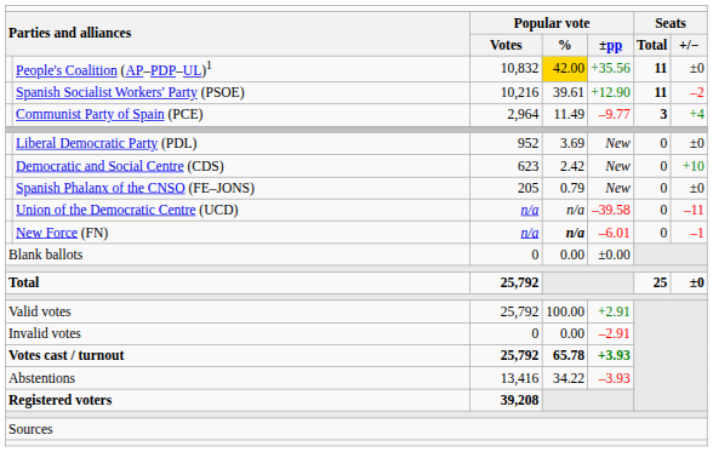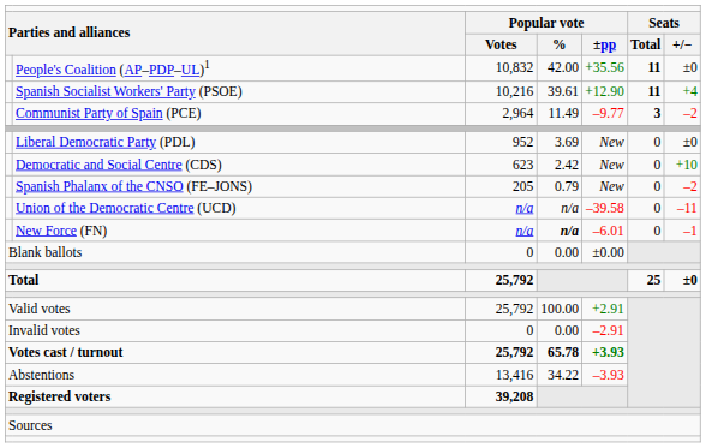 <table class="wikitable" style="text-align:right;">
 <tr>
 <td colspan="7"></td>
 </tr>
 <tr>
 <th style="text-align:left;" rowspan="2" colspan="2" width="525">Parties and alliances</th>
 <th colspan="3">Popular vote</th>
 <th colspan="2">Seats</th>
 </tr>
 <tr>
 <th width="75">Votes</th>
 <th width="45">%</th>
 <th width="45">±<a href='#'>pp</a></th>
 <th width="35">Total</th>
 <th width="35">+/−</th>
 </tr>
 <tr>
 <td width="1" style="color:inherit;background:"></td>
 <td align="left"><a href='#'>People's Coalition</a> (<a href='#'>AP</a>–<a href='#'>PDP</a>–<a href='#'>UL</a>)<sup>1</sup></td>
 <td>10,832</td>
-<td style="background: gold;">42.00</td>
+<td>42.00</td>
 <td style="color:green;">+35.56</td>
 <td><strong>11</strong></td>
 <td>±0</td>
 </tr>
 <tr>
 <td style="color:inherit;background:"></td>
 <td align="left"><a href='#'>Spanish Socialist Workers' Party</a> (PSOE)</td>
 <td>10,216</td>
 <td>39.61</td>
 <td style="color:green;">+12.90</td>
 <td><strong>11</strong></td>
-<td style="color:red;">–2</td>
+<td style="color:green;">+4</td>
 </tr>
 <tr>
 <td style="color:inherit;background:"></td>
 <td align="left"><a href='#'>Communist Party of Spain</a> (PCE)</td>
 <td>2,964</td>
 <td>11.49</td>
 <td style="color:red;">–9.77</td>
 <td><strong>3</strong></td>
-<td style="color:green;">+4</td>
+<td style="color:red;">–2</td>
 </tr>
 <tr>
 <td colspan="7" bgcolor="#C0C0C0"></td>
 </tr>
 <tr>
 <td style="color:inherit;background:"></td>
 <td align="left"><a href='#'>Liberal Democratic Party</a> (PDL)</td>
 <td>952</td>
 <td>3.69</td>
 <td><em>New</em></td>
 <td>0</td>
 <td>±0</td>
 </tr>
 <tr>
 <td style="color:inherit;background:"></td>
 <td align="left"><a href='#'>Democratic and Social Centre</a> (CDS)</td>
 <td>623</td>
 <td>2.42</td>
 <td><em>New</em></td>
 <td>0</td>
 <td style="color:green;">+10</td>
 </tr>
 <tr>
 <td style="color:inherit;background:"></td>
 <td align="left"><a href='#'>Spanish Phalanx of the CNSO</a> (FE–JONS)</td>
 <td>205</td>
 <td>0.79</td>
 <td><em>New</em></td>
 <td>0</td>
-<td>±0</td>
+<td style="color:red;">–2</td>
 </tr>
 <tr>
 <td style="color:inherit;background:"></td>
 <td align="left"><a href='#'>Union of the Democratic Centre</a> (UCD)</td>
 <td><em><a href='#'>n/a</a></em></td>
 <td><em>n/a</em></td>
 <td style="color:red;">–39.58</td>
 <td>0</td>
 <td style="color:red;">–11</td>
 </tr>
 <tr>
 <td style="color:inherit;background:"></td>
 <td align="left"><a href='#'>New Force</a> (FN)</td>
 <td><em><a href='#'>n/a</a></em></td>
 <td><strong><em>n/a</em></strong></td>
 <td style="color:red;">–6.01</td>
 <td>0</td>
 <td style="color:red;">–1</td>
 </tr>
 <tr>
 <td align="left" colspan="2">Blank ballots</td>
 <td>0</td>
 <td>0.00</td>
 <td>±0.00</td>
 <td bgcolor="#E9E9E9" colspan="2"></td>
 </tr>
 <tr>
 <td colspan="7" bgcolor="#E9E9E9"></td>
 </tr>
 <tr style="font-weight:bold;">
 <td align="left" colspan="2">Total</td>
 <td>25,792</td>
 <td bgcolor="#E9E9E9" colspan="2"></td>
 <td>25</td>
 <td>±0</td>
 </tr>
 <tr>
 <td colspan="7" bgcolor="#E9E9E9"></td>
 </tr>
 <tr>
 <td align="left" colspan="2">Valid votes</td>
 <td>25,792</td>
 <td>100.00</td>
 <td style="color:green;">+2.91</td>
 <td bgcolor="#E9E9E9" colspan="2" rowspan="5"></td>
 </tr>
 <tr>
 <td align="left" colspan="2">Invalid votes</td>
 <td>0</td>
 <td>0.00</td>
 <td style="color:red;">–2.91</td>
 </tr>
 <tr style="font-weight:bold;">
 <td align="left" colspan="2">Votes cast / turnout</td>
 <td>25,792</td>
 <td>65.78</td>
 <td style="color:green;">+3.93</td>
 </tr>
 <tr>
 <td align="left" colspan="2">Abstentions</td>
 <td>13,416</td>
 <td>34.22</td>
 <td style="color:red;">–3.93</td>
 </tr>
 <tr style="font-weight:bold;">
 <td align="left" colspan="2">Registered voters</td>
 <td>39,208</td>
 <td bgcolor="#E9E9E9" colspan="2"></td>
 </tr>
 <tr>
 <td colspan="7" bgcolor="#E9E9E9"></td>
 </tr>
 <tr>
 <td align="left" colspan="7">Sources</td>
 </tr>
 <tr>
 <td colspan="7" style="text-align:left; max-width:790px;"></td>
 </tr>
 </table>
